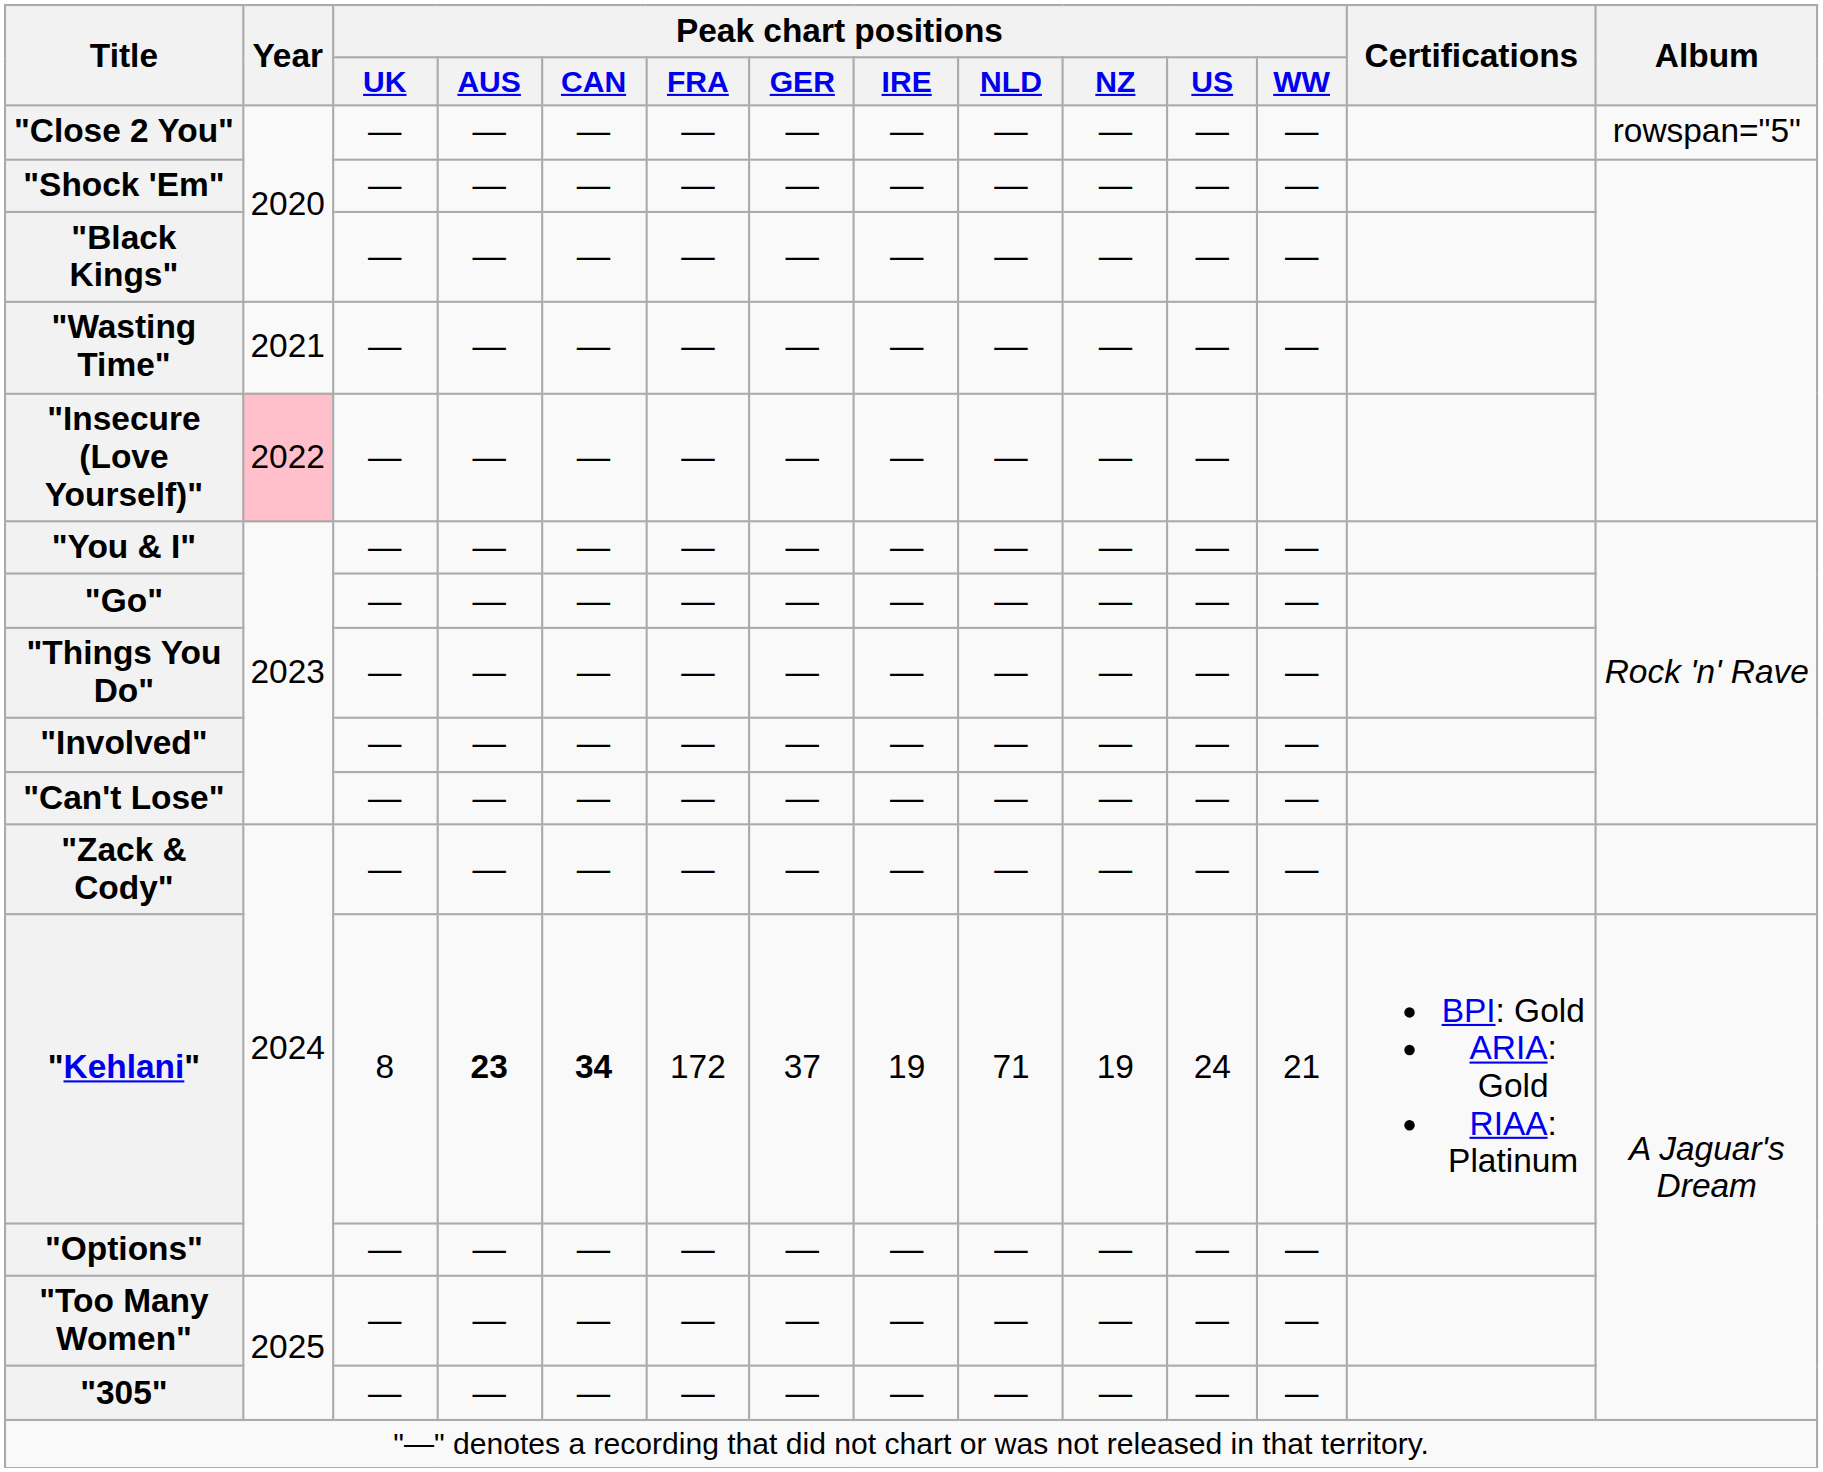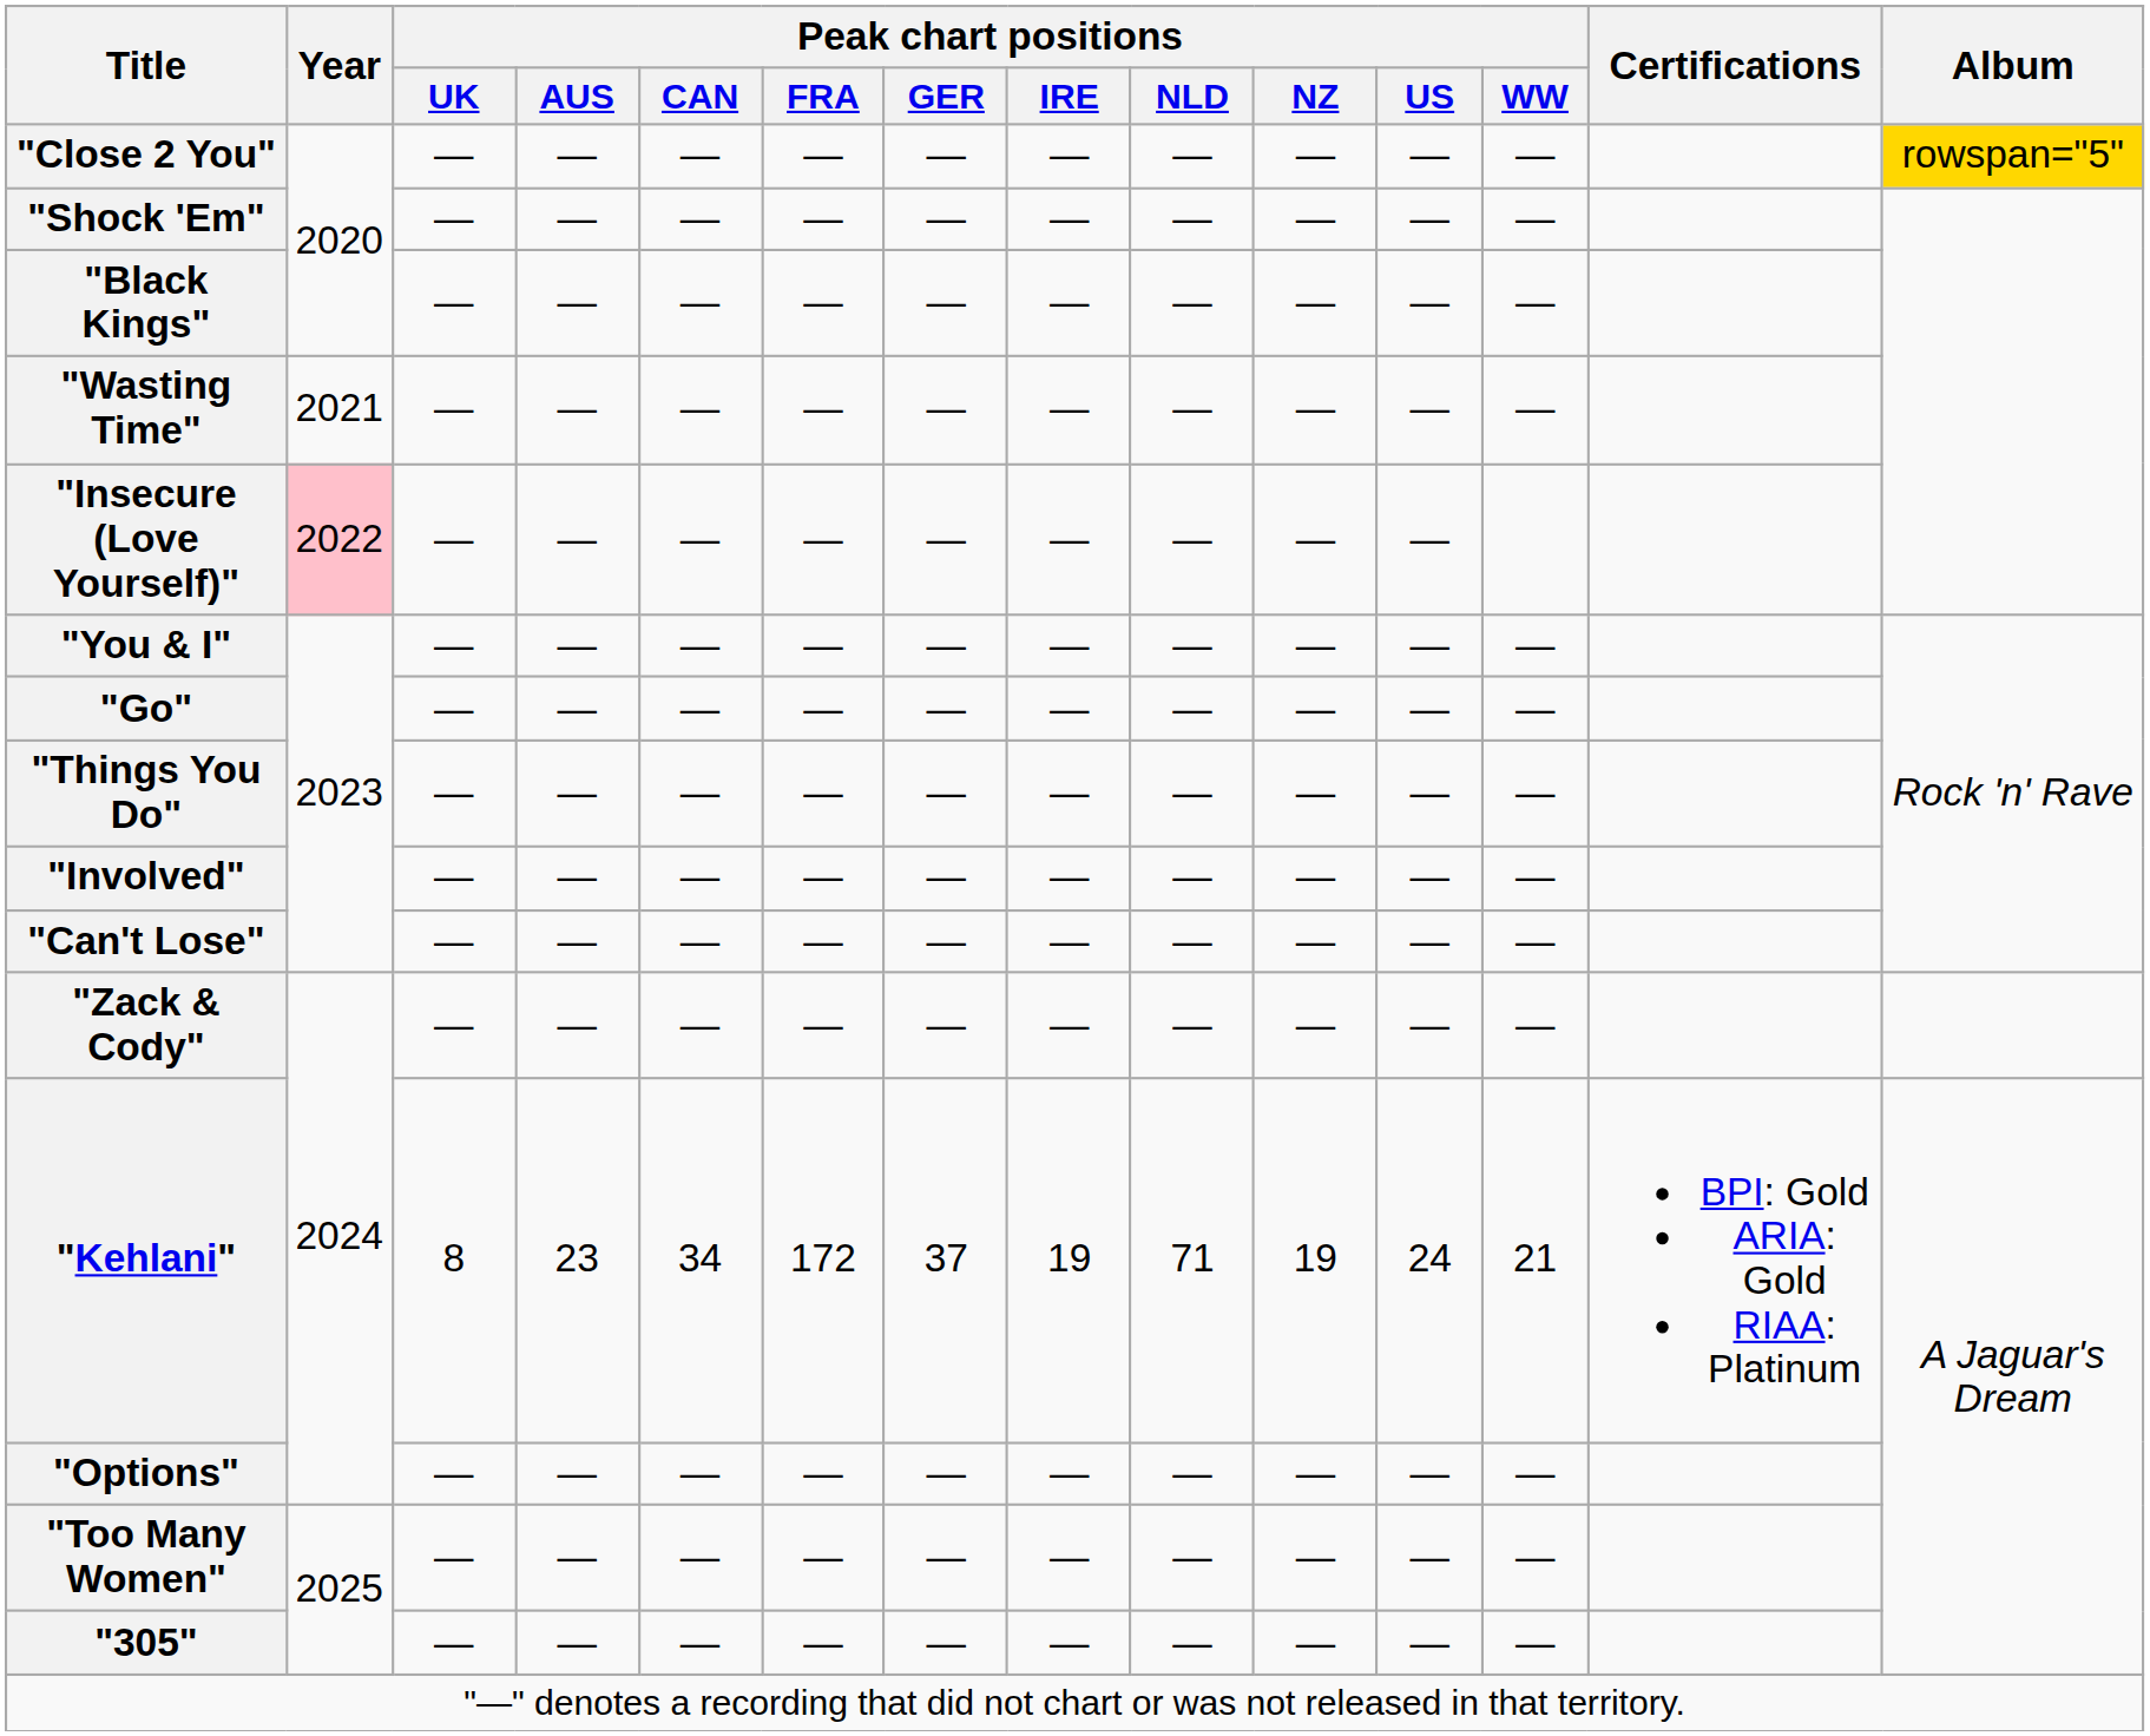 <table class="wikitable plainrowheaders" style="text-align:center;">
 <tr>
 <th scope="col" rowspan="2">Title</th>
 <th scope="col" rowspan="2">Year</th>
 <th scope="col" colspan="10">Peak chart positions</th>
 <th scope="col" rowspan="2">Certifications</th>
 <th scope="col" rowspan="2">Album</th>
 </tr>
 <tr>
 <th scope="col" style="width:3em;font-size:90%;"><a href='#'>UK</a><br></th>
 <th scope="col" style="width:3em;font-size:90%;"><a href='#'>AUS</a><br></th>
 <th scope="col" style="width:3em;font-size:90%;"><a href='#'>CAN</a><br></th>
 <th scope="col" style="width:3em;font-size:90%;"><a href='#'>FRA</a><br></th>
 <th scope="col" style="width:3em;font-size:90%;"><a href='#'>GER</a><br></th>
 <th scope="col" style="width:3em;font-size:90%;"><a href='#'>IRE</a><br></th>
 <th scope="col" style="width:3em;font-size:90%;"><a href='#'>NLD</a><br></th>
 <th scope="col" style="width:3em;font-size:90%;"><a href='#'>NZ</a><br></th>
 <th scope="col" style="width:2.5em;font-size:90%;"><a href='#'>US</a><br></th>
 <th scope="col" style="width:2.5em;font-size:90%;"><a href='#'>WW</a><br></th>
 </tr>
 <tr>
 <th scope="row">"Close 2 You"</th>
 <td rowspan="3">2020</td>
 <td>—</td>
 <td>—</td>
 <td>—</td>
 <td>—</td>
 <td>—</td>
 <td>—</td>
 <td>—</td>
 <td>—</td>
 <td>—</td>
 <td>—</td>
 <td></td>
-<td>rowspan="5" </td>
+<td style="background: gold;">rowspan="5" </td>
 </tr>
 <tr>
 <th scope="row">"Shock 'Em"<br></th>
 <td>—</td>
 <td>—</td>
 <td>—</td>
 <td>—</td>
 <td>—</td>
 <td>—</td>
 <td>—</td>
 <td>—</td>
 <td>—</td>
 <td>—</td>
 <td></td>
 </tr>
 <tr>
 <th scope="row">"Black Kings"<br></th>
 <td>—</td>
 <td>—</td>
 <td>—</td>
 <td>—</td>
 <td>—</td>
 <td>—</td>
 <td>—</td>
 <td>—</td>
 <td>—</td>
 <td>—</td>
 <td></td>
 </tr>
 <tr>
 <th scope="row">"Wasting Time"</th>
 <td>2021</td>
 <td>—</td>
 <td>—</td>
 <td>—</td>
 <td>—</td>
 <td>—</td>
 <td>—</td>
 <td>—</td>
 <td>—</td>
 <td>—</td>
 <td>—</td>
 <td></td>
 </tr>
 <tr>
 <th scope="row">"Insecure (Love Yourself)"<br></th>
 <td style="background: pink;">2022</td>
 <td>—</td>
 <td>—</td>
 <td>—</td>
 <td>—</td>
 <td>—</td>
 <td>—</td>
 <td>—</td>
 <td>—</td>
 <td>—</td>
 <td></td>
 <td></td>
 </tr>
 <tr>
 <th scope="row">"You & I"</th>
 <td rowspan="5">2023</td>
 <td>—</td>
 <td>—</td>
 <td>—</td>
 <td>—</td>
 <td>—</td>
 <td>—</td>
 <td>—</td>
 <td>—</td>
 <td>—</td>
 <td>—</td>
 <td></td>
 <td rowspan="5"><em>Rock 'n' Rave</em></td>
 </tr>
 <tr>
 <th scope="row">"Go"</th>
 <td>—</td>
 <td>—</td>
 <td>—</td>
 <td>—</td>
 <td>—</td>
 <td>—</td>
 <td>—</td>
 <td>—</td>
 <td>—</td>
 <td>—</td>
 <td></td>
 </tr>
 <tr>
 <th scope="row">"Things You Do"</th>
 <td>—</td>
 <td>—</td>
 <td>—</td>
 <td>—</td>
 <td>—</td>
 <td>—</td>
 <td>—</td>
 <td>—</td>
 <td>—</td>
 <td>—</td>
 <td></td>
 </tr>
 <tr>
 <th scope="row">"Involved"</th>
 <td>—</td>
 <td>—</td>
 <td>—</td>
 <td>—</td>
 <td>—</td>
 <td>—</td>
 <td>—</td>
 <td>—</td>
 <td>—</td>
 <td>—</td>
 <td></td>
 </tr>
 <tr>
 <th scope="row">"Can't Lose"</th>
 <td>—</td>
 <td>—</td>
 <td>—</td>
 <td>—</td>
 <td>—</td>
 <td>—</td>
 <td>—</td>
 <td>—</td>
 <td>—</td>
 <td>—</td>
 <td></td>
 </tr>
 <tr>
 <th scope="row">"Zack & Cody"</th>
 <td rowspan="3">2024</td>
 <td>—</td>
 <td>—</td>
 <td>—</td>
 <td>—</td>
 <td>—</td>
 <td>—</td>
 <td>—</td>
 <td>—</td>
 <td>—</td>
 <td>—</td>
 <td></td>
 <td></td>
 </tr>
 <tr>
 <th scope="row">"<a href='#'>Kehlani</a>"<br></th>
 <td>8</td>
-<td><strong>23<br></strong></td>
-<td><strong>34</strong></td>
+<td>23<br></td>
+<td>34</td>
 <td>172</td>
 <td>37</td>
 <td>19<br></td>
 <td>71</td>
 <td>19</td>
 <td>24</td>
 <td>21</td>
 <td><br><ul><li><a href='#'>BPI</a>: Gold</li><li><a href='#'>ARIA</a>: Gold</li><li><a href='#'>RIAA</a>: Platinum</li></ul></td>
 <td rowspan="4"><em>A Jaguar's Dream</em></td>
 </tr>
 <tr>
 <th scope="row">"Options"<br></th>
 <td>—</td>
 <td>—</td>
 <td>—</td>
 <td>—</td>
 <td>—</td>
 <td>—</td>
 <td>—</td>
 <td>—</td>
 <td>—</td>
 <td>—</td>
 <td></td>
 </tr>
 <tr>
 <th scope="row">"Too Many Women"<br></th>
 <td rowspan="2">2025</td>
 <td>—</td>
 <td>—</td>
 <td>—</td>
 <td>—</td>
 <td>—</td>
 <td>—</td>
 <td>—</td>
 <td>—</td>
 <td>—</td>
 <td>—</td>
 <td></td>
 </tr>
 <tr>
 <th scope="row">"305"<br></th>
 <td>—</td>
 <td>—</td>
 <td>—</td>
 <td>—</td>
 <td>—</td>
 <td>—</td>
 <td>—</td>
 <td>—</td>
 <td>—</td>
 <td>—</td>
 <td></td>
 </tr>
 <tr>
 <td colspan="14" style="font-size:90%">"—" denotes a recording that did not chart or was not released in that territory.</td>
 </tr>
 </table>
